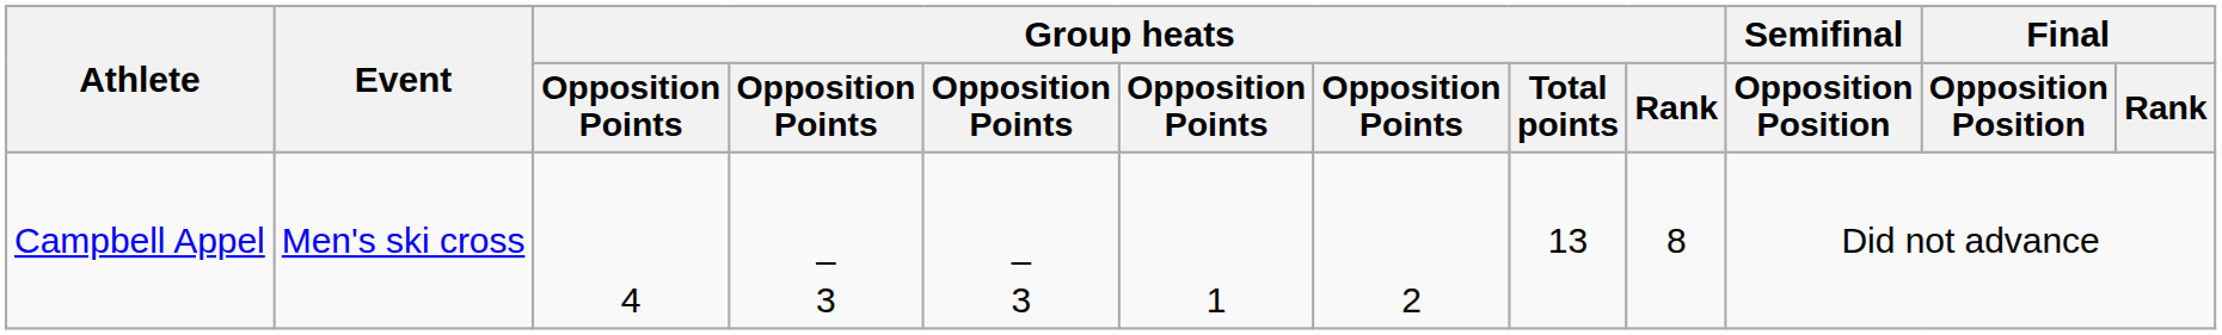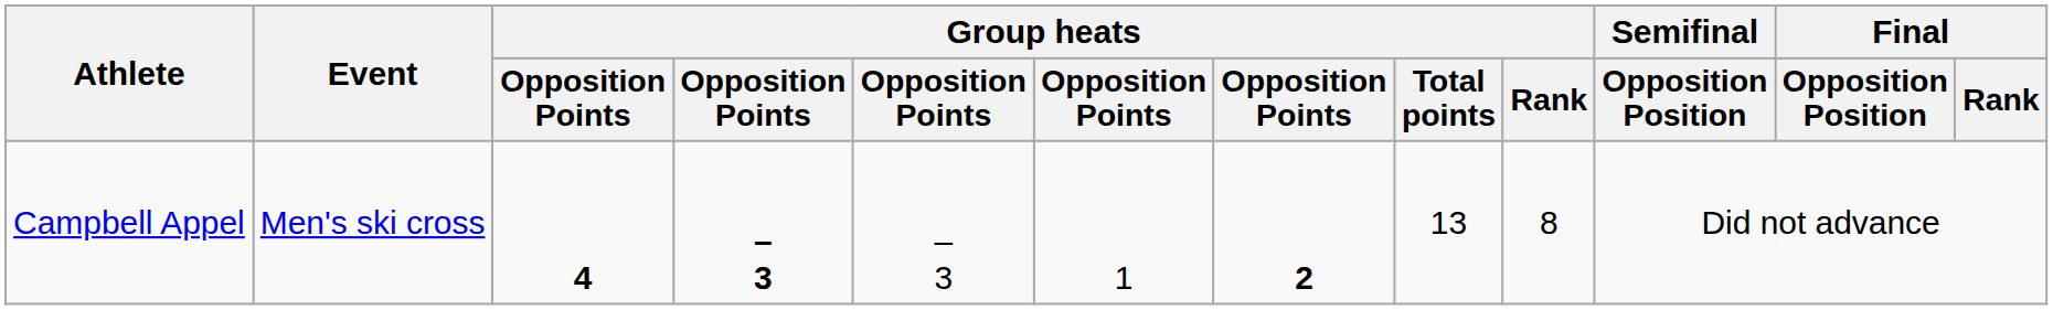 <table class="wikitable" style="font-size:90%">
 <tr>
 <th rowspan="2">Athlete</th>
 <th rowspan="2">Event</th>
 <th colspan="7">Group heats</th>
 <th>Semifinal</th>
 <th colspan="2">Final</th>
 </tr>
 <tr style="font-size:95%">
 <th>Opposition<br>Points</th>
 <th>Opposition<br>Points</th>
 <th>Opposition<br>Points</th>
 <th>Opposition<br>Points</th>
 <th>Opposition<br>Points</th>
 <th>Total<br>points</th>
 <th>Rank</th>
 <th>Opposition<br>Position</th>
 <th>Opposition<br>Position</th>
 <th>Rank</th>
 </tr>
 <tr align=center>
 <td align=left><a href='#'>Campbell Appel</a></td>
 <td align=left><a href='#'>Men's ski cross</a></td>
-<td><br><br><br>4</td>
-<td><br><br>–<br>3</td>
+<td><strong><br><br><br>4</strong></td>
+<td><strong><br><br>–<br>3</strong></td>
 <td><br><br>–<br>3</td>
 <td><br><br><br>1</td>
-<td><br><br><br>2</td>
+<td><strong><br><br><br>2</strong></td>
 <td>13</td>
 <td>8</td>
 <td colspan="3">Did not advance</td>
 </tr>
 </table>
